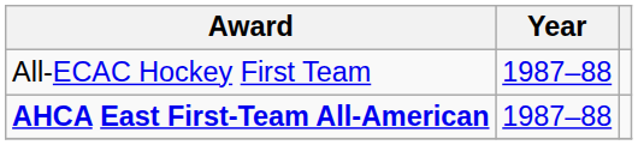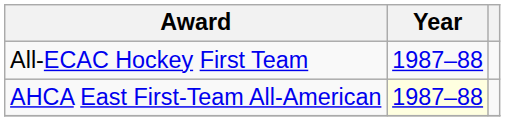 <table class="wikitable">
 <tr>
 <th>Award</th>
 <th>Year</th>
 <th></th>
 </tr>
 <tr>
 <td>All-<a href='#'>ECAC Hockey</a> <a href='#'>First Team</a></td>
 <td><a href='#'>1987–88</a></td>
 <td></td>
 </tr>
 <tr>
-<td><strong><a href='#'>AHCA</a> <a href='#'>East First-Team All-American</a></strong></td>
-<td><a href='#'>1987–88</a></td>
+<td><a href='#'>AHCA</a> <a href='#'>East First-Team All-American</a></td>
+<td style="background: lightyellow;"><a href='#'>1987–88</a></td>
 <td></td>
 </tr>
 <tr>
 </tr>
 </table>
